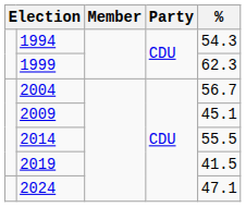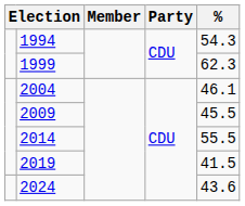 <table class=wikitable>
 <tr>
 <th colspan=2>Election</th>
 <th>Member</th>
 <th>Party</th>
 <th>%</th>
 </tr>
 <tr>
 <td rowspan=2 bgcolor=></td>
 <td><a href='#'>1994</a></td>
 <td rowspan=2></td>
 <td rowspan=2><a href='#'>CDU</a></td>
 <td align=right>54.3</td>
 </tr>
 <tr>
 <td><a href='#'>1999</a></td>
 <td align=right>62.3</td>
 </tr>
 <tr>
 <td rowspan=4 bgcolor=></td>
 <td><a href='#'>2004</a></td>
 <td rowspan="5"></td>
 <td rowspan="5"><a href='#'>CDU</a></td>
-<td align=right>56.7</td>
+<td align=right>46.1</td>
 </tr>
 <tr>
 <td><a href='#'>2009</a></td>
-<td align=right>45.1</td>
+<td align=right>45.5</td>
 </tr>
 <tr>
 <td><a href='#'>2014</a></td>
 <td align=right>55.5</td>
 </tr>
 <tr>
 <td><a href='#'>2019</a></td>
 <td align=right>41.5</td>
 </tr>
 <tr>
 <td></td>
 <td><a href='#'>2024</a></td>
-<td>47.1</td>
+<td>43.6</td>
 </tr>
 </table>
